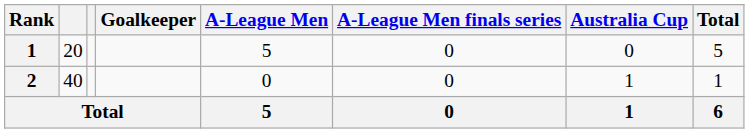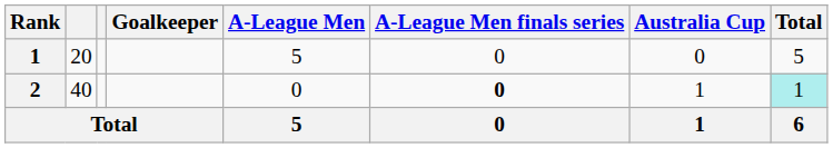 <table class="wikitable" style="text-align:center">
 <tr>
 <th>Rank</th>
 <th></th>
 <th></th>
 <th>Goalkeeper</th>
 <th><a href='#'>A-League Men</a></th>
 <th><a href='#'>A-League Men finals series</a></th>
 <th><a href='#'>Australia Cup</a></th>
 <th>Total</th>
 </tr>
 <tr>
 <th rowspan="1">1</th>
 <td>20</td>
 <td></td>
 <td align="left"></td>
 <td>5</td>
 <td>0</td>
 <td>0</td>
 <td>5</td>
 </tr>
 <tr>
 <th rowspan="1">2</th>
 <td>40</td>
 <td></td>
 <td align="left"></td>
 <td>0</td>
-<td>0</td>
+<td><strong>0</strong></td>
 <td>1</td>
-<td>1</td>
+<td style="background: paleturquoise;">1</td>
 </tr>
 <tr>
 <th colspan="4">Total</th>
 <th>5</th>
 <th>0</th>
 <th>1</th>
 <th>6</th>
 </tr>
 </table>
